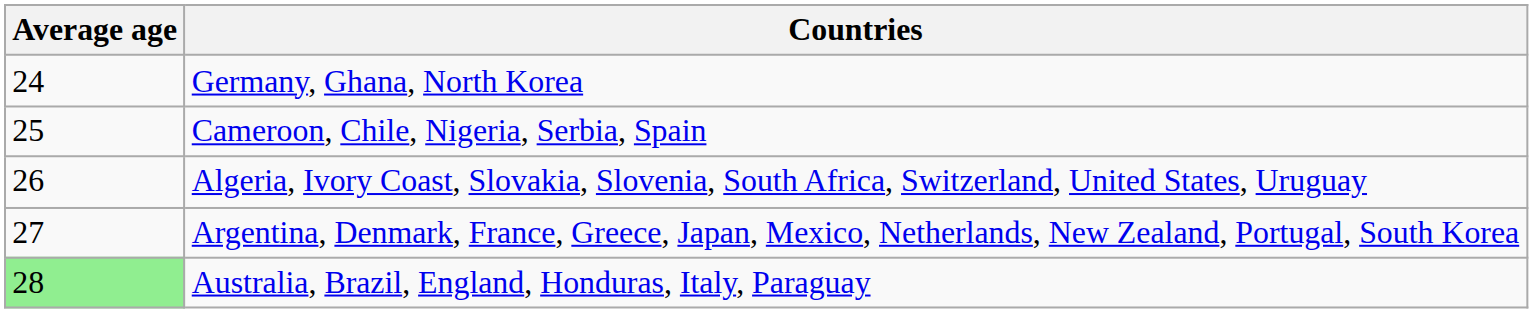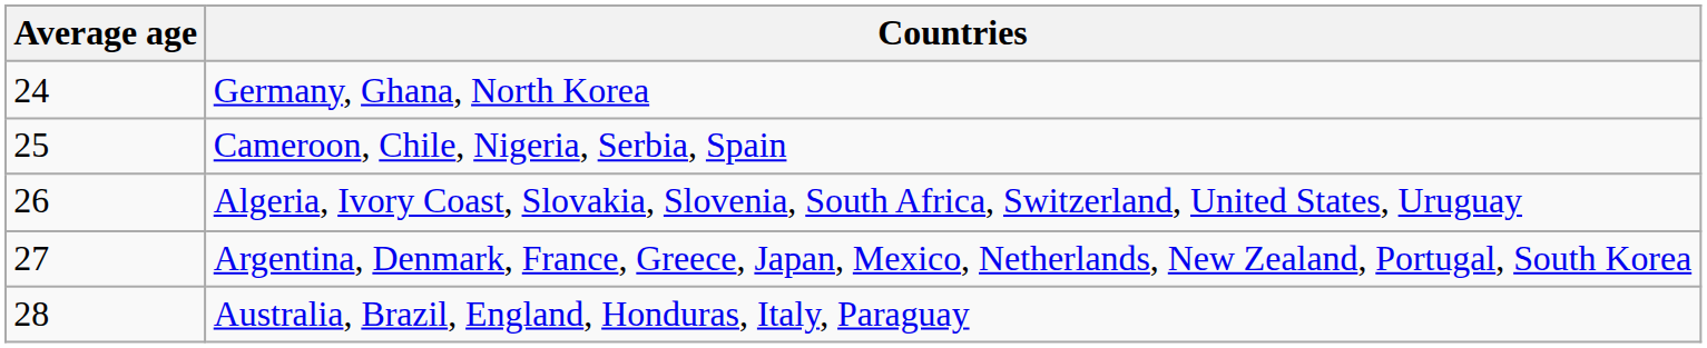 <table class="wikitable">
 <tr>
 <th>Average age</th>
 <th>Countries</th>
 </tr>
 <tr>
 <td>24</td>
 <td><a href='#'>Germany</a>, <a href='#'>Ghana</a>, <a href='#'>North Korea</a></td>
 </tr>
 <tr>
 <td>25</td>
 <td><a href='#'>Cameroon</a>, <a href='#'>Chile</a>, <a href='#'>Nigeria</a>, <a href='#'>Serbia</a>, <a href='#'>Spain</a></td>
 </tr>
 <tr>
 <td>26</td>
 <td><a href='#'>Algeria</a>, <a href='#'>Ivory Coast</a>, <a href='#'>Slovakia</a>, <a href='#'>Slovenia</a>, <a href='#'>South Africa</a>, <a href='#'>Switzerland</a>, <a href='#'>United States</a>, <a href='#'>Uruguay</a></td>
 </tr>
 <tr>
 <td>27</td>
 <td><a href='#'>Argentina</a>, <a href='#'>Denmark</a>, <a href='#'>France</a>, <a href='#'>Greece</a>, <a href='#'>Japan</a>, <a href='#'>Mexico</a>, <a href='#'>Netherlands</a>, <a href='#'>New Zealand</a>, <a href='#'>Portugal</a>, <a href='#'>South Korea</a></td>
 </tr>
 <tr>
-<td style="background: lightgreen;">28</td>
+<td>28</td>
 <td><a href='#'>Australia</a>, <a href='#'>Brazil</a>, <a href='#'>England</a>, <a href='#'>Honduras</a>, <a href='#'>Italy</a>, <a href='#'>Paraguay</a></td>
 </tr>
 </table>
